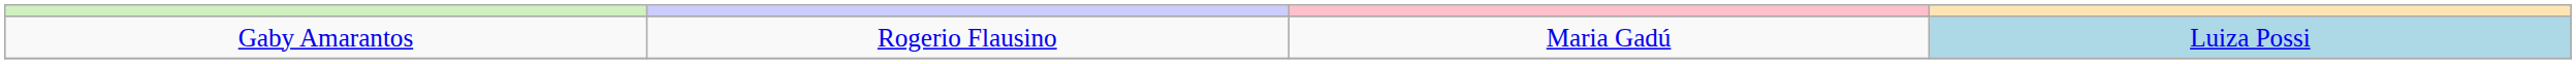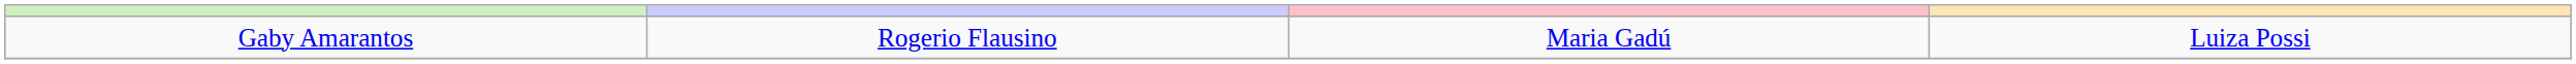 <table class="wikitable"  style="text-align:center; font-size:100%; width:100%;">
 <tr>
 <td scope="col" width="25%" bgcolor=D0F0C0><strong></strong></td>
 <td scope="col" width="25%" bgcolor=CCCCFF><strong></strong></td>
 <td scope="col" width="25%" bgcolor=FFC0CB><strong></strong></td>
 <td scope="col" width="25%" bgcolor=FFE5B4><strong></strong></td>
 </tr>
 <tr>
 <td><a href='#'>Gaby Amarantos</a></td>
 <td><a href='#'>Rogerio Flausino</a></td>
 <td><a href='#'>Maria Gadú</a></td>
-<td style="background: lightblue;"><a href='#'>Luiza Possi</a></td>
+<td><a href='#'>Luiza Possi</a></td>
 </tr>
 <tr>
 </tr>
 </table>
